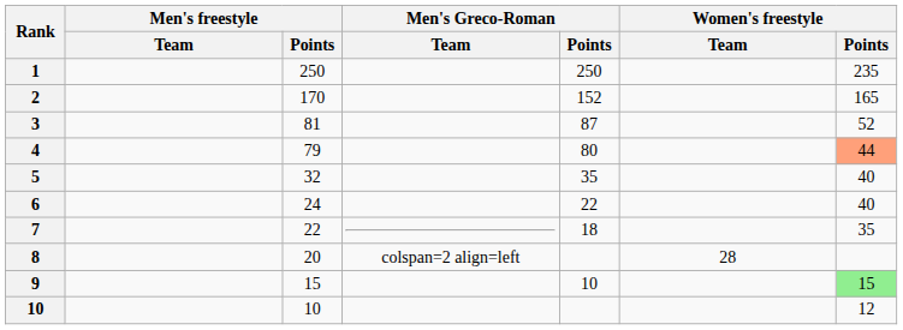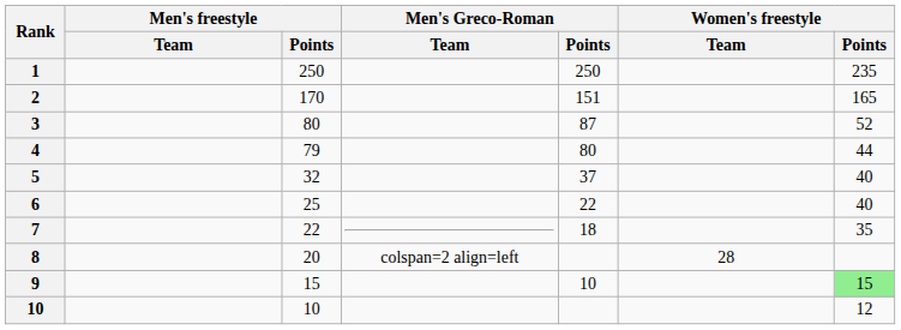 <table class="wikitable" style="text-align:center;">
 <tr>
 <th width=50 rowspan="2">Rank</th>
 <th colspan="2">Men's freestyle</th>
 <th colspan="2">Men's Greco-Roman</th>
 <th colspan="2">Women's freestyle</th>
 </tr>
 <tr>
 <th width=200>Team</th>
 <th width=50>Points</th>
 <th width=200>Team</th>
 <th width=50>Points</th>
 <th width=200>Team</th>
 <th width=50>Points</th>
 </tr>
 <tr>
 <th>1</th>
 <td align=left></td>
 <td>250</td>
 <td align=left></td>
 <td>250</td>
 <td align=left></td>
 <td>235</td>
 </tr>
 <tr>
 <th>2</th>
 <td align=left></td>
 <td>170</td>
 <td align=left></td>
-<td>152</td>
+<td>151</td>
 <td align=left></td>
 <td>165</td>
 </tr>
 <tr>
 <th>3</th>
 <td align=left></td>
-<td>81</td>
+<td>80</td>
 <td align=left></td>
 <td>87</td>
 <td align=left></td>
 <td>52</td>
 </tr>
 <tr>
 <th>4</th>
 <td align=left></td>
 <td>79</td>
 <td align=left></td>
 <td>80</td>
 <td align=left></td>
-<td style="background: lightsalmon;">44</td>
+<td>44</td>
 </tr>
 <tr>
 <th>5</th>
 <td align=left></td>
 <td>32</td>
 <td align=left></td>
-<td>35</td>
+<td>37</td>
 <td align=left></td>
 <td>40</td>
 </tr>
 <tr>
 <th>6</th>
 <td align=left></td>
-<td>24</td>
+<td>25</td>
 <td align=left></td>
 <td>22</td>
 <td align=left></td>
 <td>40</td>
 </tr>
 <tr>
 <th>7</th>
 <td align=left></td>
 <td>22</td>
 <td align=left><hr></td>
 <td>18</td>
 <td align=left></td>
 <td>35</td>
 </tr>
 <tr>
 <th>8</th>
 <td align=left></td>
 <td>20</td>
 <td>colspan=2 align=left </td>
 <td align=left></td>
 <td>28</td>
 </tr>
 <tr>
 <th>9</th>
 <td align=left></td>
 <td>15</td>
 <td align=left></td>
 <td>10</td>
 <td align=left></td>
 <td style="background: lightgreen;">15</td>
 </tr>
 <tr>
 <th>10</th>
 <td align=left></td>
 <td>10</td>
 <td align=left></td>
 <td></td>
 <td align=left></td>
 <td>12</td>
 </tr>
 </table>
